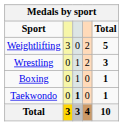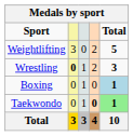 <table class="wikitable" style="font-size:85%; float: right;">
 <tr style="background:#efefef;">
 <th colspan=5><strong>Medals by sport</strong></th>
 </tr>
 <tr align=center>
 <td><strong>Sport</strong></td>
 <td bgcolor=#f7f6a8></td>
 <td bgcolor=#dce5e5></td>
 <td bgcolor=#ffdab9></td>
 <td><strong>Total</strong></td>
 </tr>
 <tr align=center>
 <td><a href='#'>Weightlifting</a></td>
 <td style="background:#F7F6A8;">3</td>
 <td style="background:#DCE5E5;">0</td>
 <td style="background:#FFDAB9;">2</td>
 <td><strong>5</strong></td>
 </tr>
 <tr align=center>
 <td><a href='#'>Wrestling</a></td>
-<td style="background:#F7F6A8;">0</td>
+<td style="background:#F7F6A8;"><strong>0</strong></td>
 <td style="background:#DCE5E5;">1</td>
 <td style="background:#FFDAB9;">2</td>
 <td><strong>3</strong></td>
 </tr>
 <tr align=center>
 <td><a href='#'>Boxing</a></td>
 <td style="background:#F7F6A8;">0</td>
 <td style="background:#DCE5E5;">1</td>
 <td style="background:#FFDAB9;">0</td>
-<td><strong>1</strong></td>
+<td style="background: lightblue;"><strong>1</strong></td>
 </tr>
 <tr align=center>
 <td><a href='#'>Taekwondo</a></td>
 <td style="background:#F7F6A8;">0</td>
-<td style="background:#DCE5E5;"><strong>1</strong></td>
-<td style="background:#FFDAB9;">0</td>
-<td><strong>1</strong></td>
+<td style="background:#DCE5E5;">1</td>
+<td style="background:#FFDAB9;"><strong>0</strong></td>
+<td style="background: lightgreen;"><strong>1</strong></td>
 </tr>
 <tr align=center>
 <th><strong>Total</strong></th>
 <th style="background:gold;"><strong>3</strong></th>
 <th style="background:silver;"><strong>3</strong></th>
 <th style="background:#c96;"><strong>4</strong></th>
 <th><strong>10</strong></th>
 </tr>
 </table>
